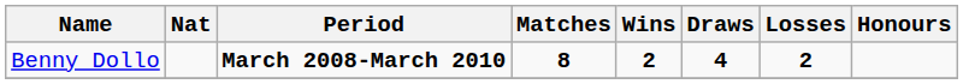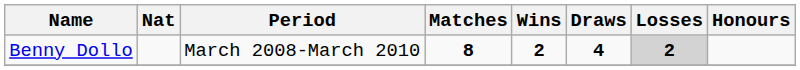 <table class="wikitable">
 <tr>
 <th>Name</th>
 <th>Nat</th>
 <th>Period</th>
 <th>Matches</th>
 <th>Wins</th>
 <th>Draws</th>
 <th>Losses</th>
 <th>Honours</th>
 </tr>
 <tr>
 <td><a href='#'>Benny Dollo</a></td>
 <td align="center"></td>
-<td align="center"><strong>March 2008-March 2010</strong></td>
+<td align="center">March 2008-March 2010</td>
 <td align="center"><strong>8</strong></td>
 <td align="center"><strong>2</strong></td>
 <td align="center"><strong>4</strong></td>
-<td align="center"><strong>2</strong></td>
+<td align="center" style="background: lightgrey;"><strong>2</strong></td>
 <td></td>
 </tr>
 <tr>
 </tr>
 </table>
